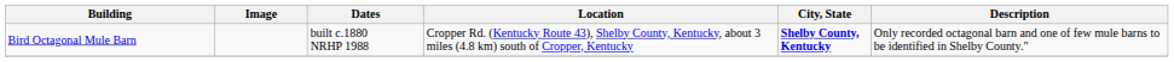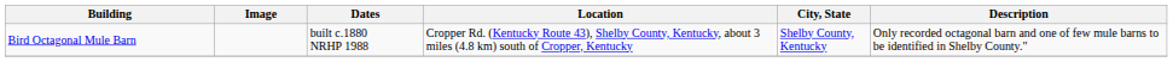 <table class="wikitable sortable" style="width:98%">
 <tr>
 <th style="width:18%;"><strong>Building</strong></th>
 <th style="width:8%;" class="unsortable"><strong>Image</strong></th>
 <th style="width:10%;"><strong>Dates</strong></th>
 <th><strong>Location</strong></th>
 <th style="width:8%;"><strong>City, State</strong></th>
 <th><strong>Description</strong></th>
 </tr>
 <tr>
 <td><a href='#'>Bird Octagonal Mule Barn</a></td>
 <td></td>
 <td>built c.1880<br>NRHP 1988</td>
 <td>Cropper Rd. (<a href='#'>Kentucky Route 43</a>), <a href='#'>Shelby County, Kentucky</a>, about 3 miles (4.8 km) south of <a href='#'>Cropper, Kentucky</a><small></small></td>
-<td><strong><a href='#'>Shelby County, Kentucky</a></strong></td>
+<td><a href='#'>Shelby County, Kentucky</a></td>
 <td>Only recorded octagonal barn and one of few mule barns to be identified in Shelby County."</td>
 </tr>
 <tr>
 </tr>
 </table>
